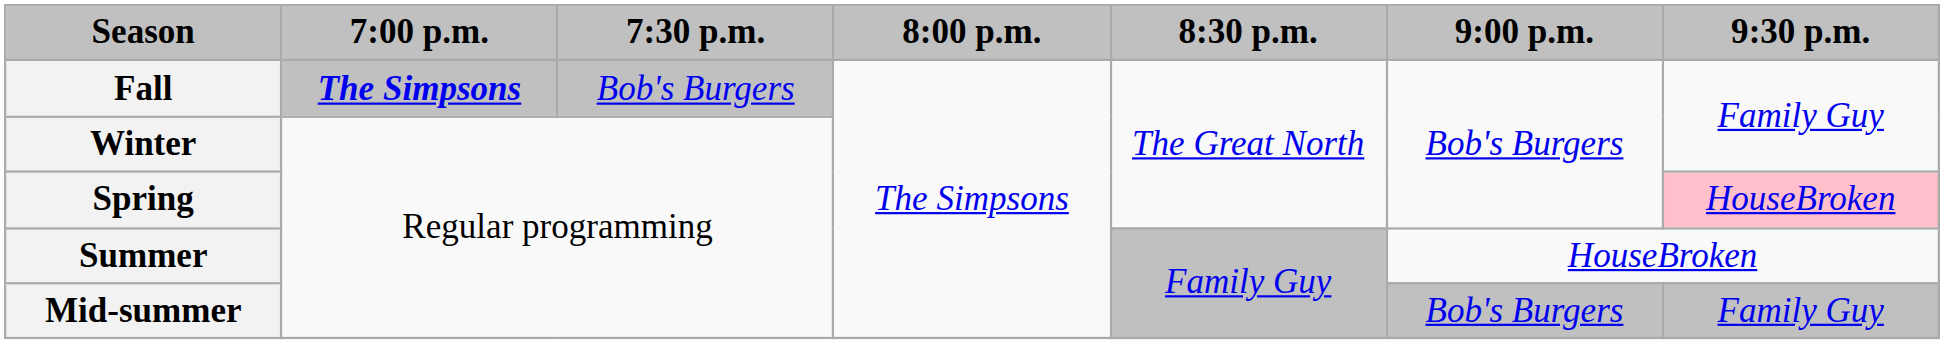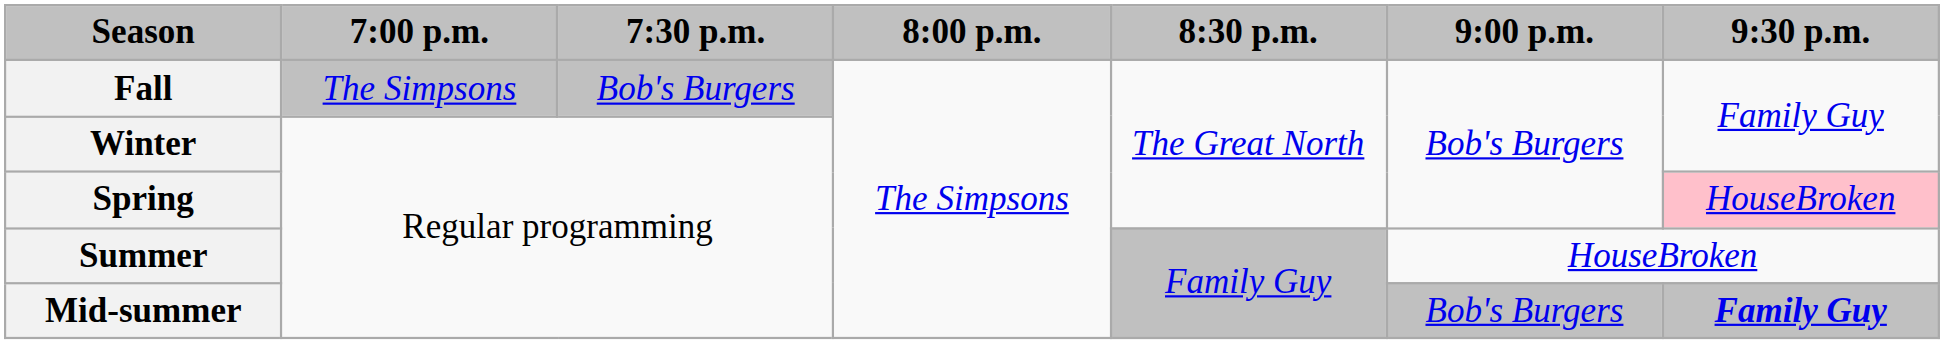 <table class="wikitable" style="width:100%;margin-right:0;text-align:center">
 <tr>
 <th style="background-color:#C0C0C0;text-align:center;width:11.5%;">Season</th>
 <th style="background-color:#C0C0C0;text-align:center;width:11.5%;">7:00 p.m.</th>
 <th style="background-color:#C0C0C0;text-align:center;width:11.5%;">7:30 p.m.</th>
 <th style="background-color:#C0C0C0;text-align:center;width:11.5%;">8:00 p.m.</th>
 <th style="background-color:#C0C0C0;text-align:center;width:11.5%;">8:30 p.m.</th>
 <th style="background-color:#C0C0C0;text-align:center;width:11.5%;">9:00 p.m.</th>
 <th style="background-color:#C0C0C0;text-align:center;width:11.5%;">9:30 p.m.</th>
 </tr>
 <tr>
 <th>Fall</th>
-<td style="background:#C0C0C0;"><strong><em><a href='#'>The Simpsons</a></em> </strong></td>
+<td style="background:#C0C0C0;"><em><a href='#'>The Simpsons</a></em> </td>
 <td style="background:#C0C0C0;"><em><a href='#'>Bob's Burgers</a></em> </td>
 <td rowspan="5"><em><a href='#'>The Simpsons</a></em></td>
 <td rowspan="3"><em><a href='#'>The Great North</a></em></td>
 <td rowspan="3"><em><a href='#'>Bob's Burgers</a></em></td>
 <td rowspan="2"><em><a href='#'>Family Guy</a></em></td>
 </tr>
 <tr>
 <th>Winter</th>
 <td rowspan="4" colspan="2">Regular programming</td>
 </tr>
 <tr>
 <th>Spring</th>
 <td style="background: pink;"><em><a href='#'>HouseBroken</a></em></td>
 </tr>
 <tr>
 <th>Summer</th>
 <td style="background:#C0C0C0;" rowspan="4"><em><a href='#'>Family Guy</a></em> </td>
 <td colspan="2"><em><a href='#'>HouseBroken</a></em></td>
 </tr>
 <tr>
 <th>Mid-summer</th>
 <td style="background:#C0C0C0;"><em><a href='#'>Bob's Burgers</a></em> </td>
-<td style="background:#C0C0C0;"><em><a href='#'>Family Guy</a></em> </td>
+<td style="background:#C0C0C0;"><strong><em><a href='#'>Family Guy</a></em> </strong></td>
 </tr>
 </table>
